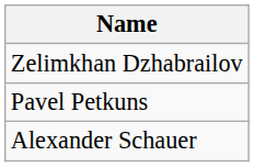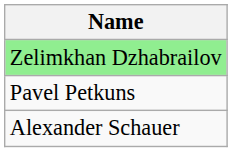 <table class="wikitable">
 <tr>
 <th>Name</th>
 </tr>
 <tr>
-<td> Zelimkhan Dzhabrailov</td>
+<td style="background: lightgreen;"> Zelimkhan Dzhabrailov</td>
 </tr>
 <tr>
 <td> Pavel Petkuns</td>
 </tr>
 <tr>
 <td> Alexander Schauer</td>
 </tr>
 </table>
